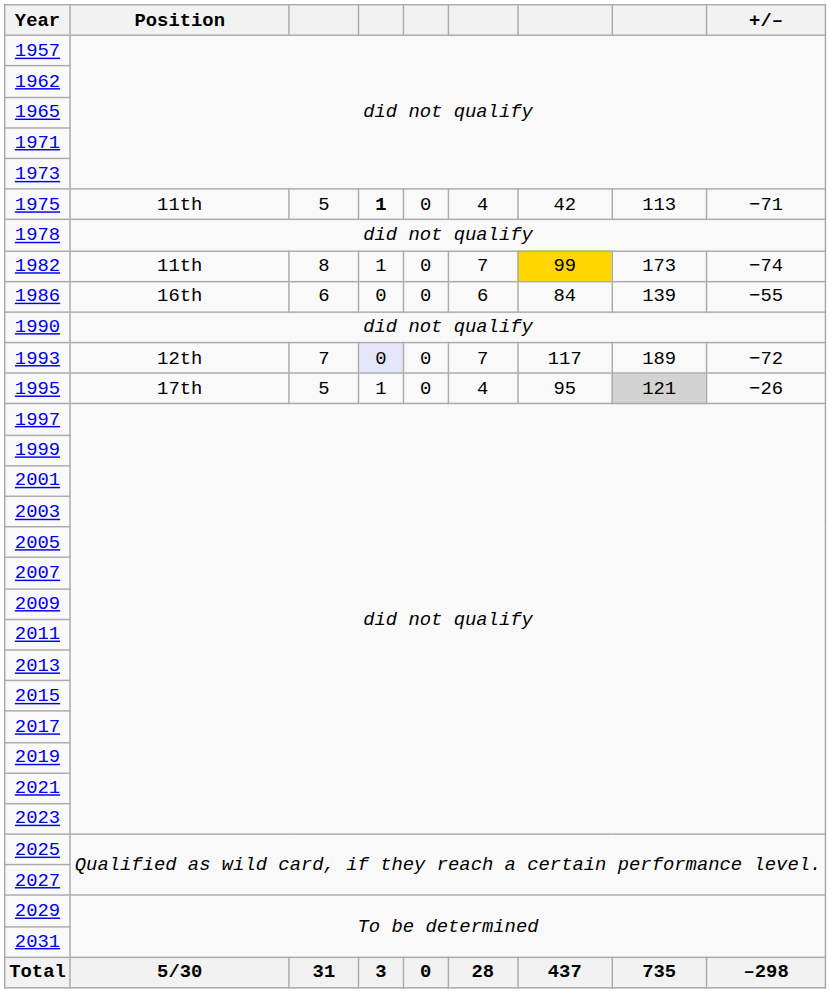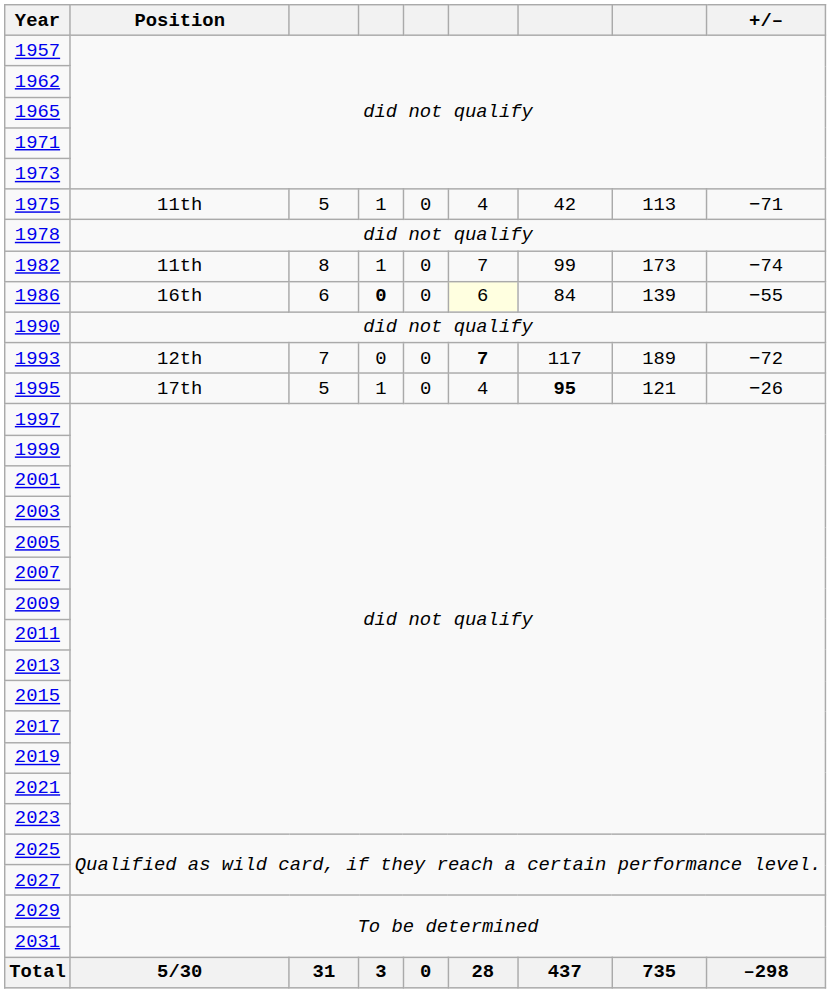 <table class="wikitable" style="text-align: center;">
 <tr>
 <th>Year</th>
 <th>Position</th>
 <th></th>
 <th></th>
 <th></th>
 <th></th>
 <th></th>
 <th></th>
 <th>+/–</th>
 </tr>
 <tr>
 <td> <a href='#'>1957</a></td>
 <td colspan=8 rowspan=5><em>did not qualify</em></td>
 </tr>
 <tr>
 <td> <a href='#'>1962</a></td>
 </tr>
 <tr>
 <td> <a href='#'>1965</a></td>
 </tr>
 <tr>
 <td> <a href='#'>1971</a></td>
 </tr>
 <tr>
 <td> <a href='#'>1973</a></td>
 </tr>
 <tr>
 <td> <a href='#'>1975</a></td>
 <td>11th</td>
 <td>5</td>
-<td><strong>1</strong></td>
+<td>1</td>
 <td>0</td>
 <td>4</td>
 <td>42</td>
 <td>113</td>
 <td>−71</td>
 </tr>
 <tr>
 <td> <a href='#'>1978</a></td>
 <td colspan=8><em>did not qualify</em></td>
 </tr>
 <tr>
 <td> <a href='#'>1982</a></td>
 <td>11th</td>
 <td>8</td>
 <td>1</td>
 <td>0</td>
 <td>7</td>
-<td style="background: gold;">99</td>
+<td>99</td>
 <td>173</td>
 <td>−74</td>
 </tr>
 <tr>
 <td> <a href='#'>1986</a></td>
 <td>16th</td>
 <td>6</td>
+<td><strong>0</strong></td>
 <td>0</td>
-<td>0</td>
-<td>6</td>
+<td style="background: lightyellow;">6</td>
 <td>84</td>
 <td>139</td>
 <td>−55</td>
 </tr>
 <tr>
 <td> <a href='#'>1990</a></td>
 <td colspan=8><em>did not qualify</em></td>
 </tr>
 <tr>
 <td> <a href='#'>1993</a></td>
 <td>12th</td>
 <td>7</td>
-<td style="background: lavender;">0</td>
 <td>0</td>
-<td>7</td>
+<td>0</td>
+<td><strong>7</strong></td>
 <td>117</td>
 <td>189</td>
 <td>−72</td>
 </tr>
 <tr>
 <td> <a href='#'>1995</a></td>
 <td>17th</td>
 <td>5</td>
 <td>1</td>
 <td>0</td>
 <td>4</td>
-<td>95</td>
-<td style="background: lightgrey;">121</td>
+<td><strong>95</strong></td>
+<td>121</td>
 <td>−26</td>
 </tr>
 <tr>
 <td> <a href='#'>1997</a></td>
 <td colspan=8 rowspan=14><em>did not qualify</em></td>
 </tr>
 <tr>
 <td> <a href='#'>1999</a></td>
 </tr>
 <tr>
 <td> <a href='#'>2001</a></td>
 </tr>
 <tr>
 <td> <a href='#'>2003</a></td>
 </tr>
 <tr>
 <td> <a href='#'>2005</a></td>
 </tr>
 <tr>
 <td> <a href='#'>2007</a></td>
 </tr>
 <tr>
 <td> <a href='#'>2009</a></td>
 </tr>
 <tr>
 <td> <a href='#'>2011</a></td>
 </tr>
 <tr>
 <td> <a href='#'>2013</a></td>
 </tr>
 <tr>
 <td> <a href='#'>2015</a></td>
 </tr>
 <tr>
 <td> <a href='#'>2017</a></td>
 </tr>
 <tr>
 <td> <a href='#'>2019</a></td>
 </tr>
 <tr>
 <td> <a href='#'>2021</a></td>
 </tr>
 <tr>
 <td> <a href='#'>2023</a></td>
 </tr>
 <tr>
 <td> <a href='#'>2025</a></td>
 <td align=center colspan=8 rowspan=2><em>Qualified as wild card, if they reach a certain performance level.</em></td>
 </tr>
 <tr>
 <td> <a href='#'>2027</a></td>
 </tr>
 <tr>
 <td> <a href='#'>2029</a></td>
 <td align=center colspan=8 rowspan=2><em>To be determined</em></td>
 </tr>
 <tr>
 <td> <a href='#'>2031</a></td>
 </tr>
 <tr>
 <th>Total</th>
 <th>5/30</th>
 <th>31</th>
 <th>3</th>
 <th>0</th>
 <th>28</th>
 <th>437</th>
 <th>735</th>
 <th>–298</th>
 </tr>
 </table>
